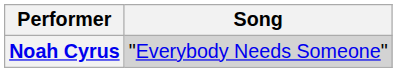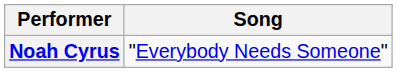 <table class="wikitable unsortable" style="text-align:center; white-space: nowrap;">
 <tr>
 <th scope="col">Performer</th>
 <th scope="col">Song</th>
 </tr>
 <tr>
 <th scope="row"><a href='#'>Noah Cyrus</a></th>
-<td style="background: lightgrey;">"<a href='#'>Everybody Needs Someone</a>"</td>
+<td>"<a href='#'>Everybody Needs Someone</a>"</td>
 </tr>
 </table>
